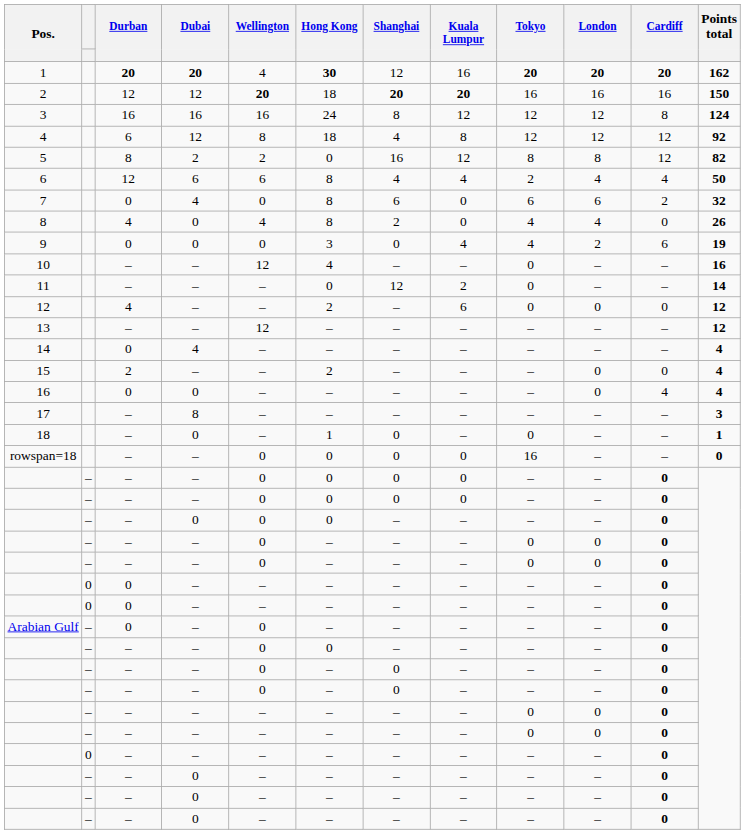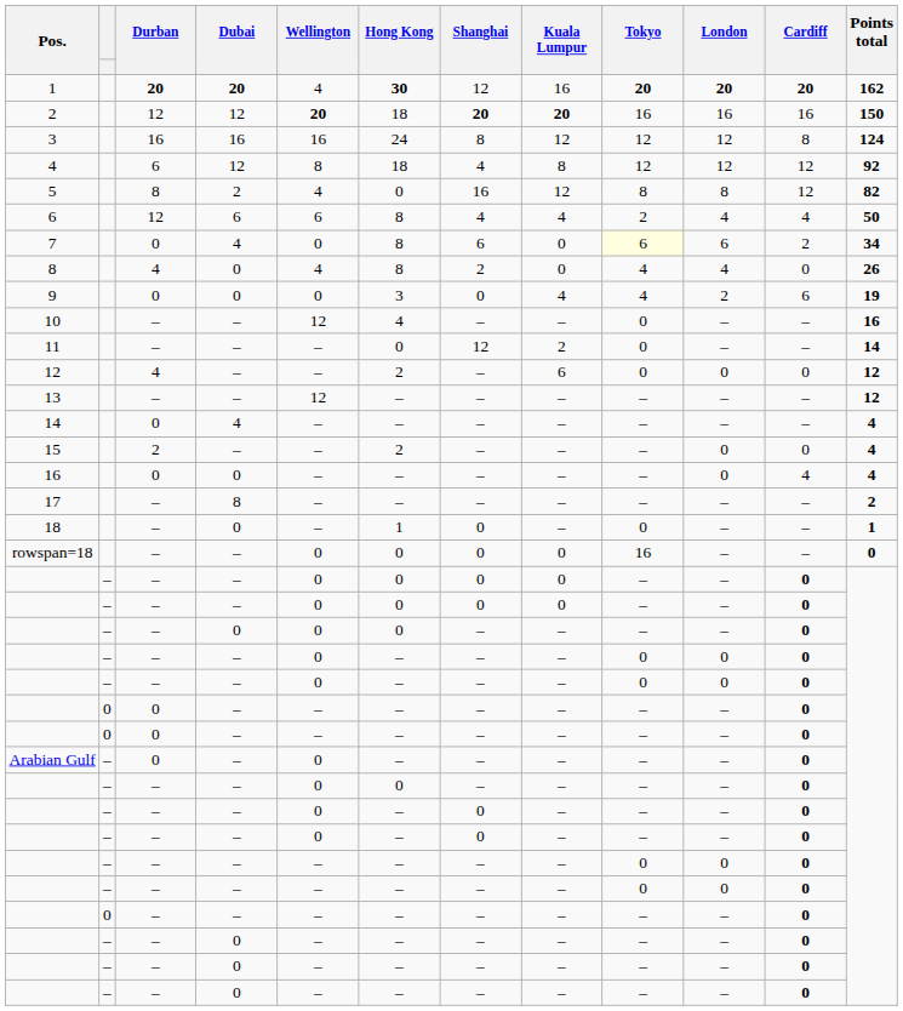 <table class="wikitable sortable" style="text-align:center;">
 <tr>
 <th style="border-bottom:1px solid transparent;"><br>Pos.</th>
 <th></th>
 <th style="vertical-align:top;width:5.5em;border-bottom:1px solid transparent;padding:2px;font-size:85%;"><br><a href='#'>Durban</a></th>
 <th style="vertical-align:top;width:5.5em;border-bottom:1px solid transparent;padding:2px;font-size:85%;"><br><a href='#'>Dubai</a></th>
 <th style="vertical-align:top;width:5.5em;border-bottom:1px solid transparent;padding:2px;font-size:85%;"><br><a href='#'>Wellington</a></th>
 <th style="vertical-align:top;width:5.5em;border-bottom:1px solid transparent;padding:2px;font-size:85%;"><br><a href='#'>Hong Kong</a></th>
 <th style="vertical-align:top;width:5.5em;border-bottom:1px solid transparent;padding:2px;font-size:85%;"><br><a href='#'>Shanghai</a></th>
 <th style="vertical-align:top;width:5.5em;border-bottom:1px solid transparent;padding:2px;font-size:85%;"><br><a href='#'>Kuala Lumpur</a></th>
 <th style="vertical-align:top;width:5.5em;border-bottom:1px solid transparent;padding:2px;font-size:85%;"><br><a href='#'>Tokyo</a></th>
 <th style="vertical-align:top;width:5.5em;border-bottom:1px solid transparent;padding:2px;font-size:85%;"><br><a href='#'>London</a></th>
 <th style="vertical-align:top;width:5.5em;border-bottom:1px solid transparent;padding:2px;font-size:85%;"><br><a href='#'>Cardiff</a></th>
 <th style="border-bottom:1px solid transparent;">Points<br>total</th>
 </tr>
 <tr style="line-height:8px;">
 <th style="border-top:1px solid transparent;"> </th>
 <th style="border-top:1px solid transparent;"></th>
 <th data-sort-type="number" style="border-top:1px solid transparent;"></th>
 <th data-sort-type="number" style="border-top:1px solid transparent;"></th>
 <th data-sort-type="number" style="border-top:1px solid transparent;"></th>
 <th data-sort-type="number" style="border-top:1px solid transparent;"></th>
 <th data-sort-type="number" style="border-top:1px solid transparent;"></th>
 <th data-sort-type="number" style="border-top:1px solid transparent;"></th>
 <th data-sort-type="number" style="border-top:1px solid transparent;"></th>
 <th data-sort-type="number" style="border-top:1px solid transparent;"></th>
 <th data-sort-type="number" style="border-top:1px solid transparent;"></th>
 <th data-sort-type="number" style="border-top:1px solid transparent;"> </th>
 </tr>
 <tr>
 <td>1</td>
 <td align=left></td>
 <td><strong>20</strong></td>
 <td><strong>20</strong></td>
 <td>4</td>
 <td><strong>30</strong></td>
 <td>12</td>
 <td>16</td>
 <td><strong>20</strong></td>
 <td><strong>20</strong></td>
 <td><strong>20</strong></td>
 <td><strong>162</strong></td>
 </tr>
 <tr>
 <td>2</td>
 <td align=left></td>
 <td>12</td>
 <td>12</td>
 <td><strong>20</strong></td>
 <td>18</td>
 <td><strong>20</strong></td>
 <td><strong>20</strong></td>
 <td>16</td>
 <td>16</td>
 <td>16</td>
 <td><strong>150</strong></td>
 </tr>
 <tr>
 <td>3</td>
 <td align=left></td>
 <td>16</td>
 <td>16</td>
 <td>16</td>
 <td>24</td>
 <td>8</td>
 <td>12</td>
 <td>12</td>
 <td>12</td>
 <td>8</td>
 <td><strong>124</strong></td>
 </tr>
 <tr>
 <td>4</td>
 <td align=left></td>
 <td>6</td>
 <td>12</td>
 <td>8</td>
 <td>18</td>
 <td>4</td>
 <td>8</td>
 <td>12</td>
 <td>12</td>
 <td>12</td>
 <td><strong>92</strong></td>
 </tr>
 <tr>
 <td>5</td>
 <td align=left></td>
 <td>8</td>
 <td>2</td>
-<td>2</td>
+<td>4</td>
 <td>0</td>
 <td>16</td>
 <td>12</td>
 <td>8</td>
 <td>8</td>
 <td>12</td>
 <td><strong>82</strong></td>
 </tr>
 <tr>
 <td>6</td>
 <td align=left></td>
 <td>12</td>
 <td>6</td>
 <td>6</td>
 <td>8</td>
 <td>4</td>
 <td>4</td>
 <td>2</td>
 <td>4</td>
 <td>4</td>
 <td><strong>50</strong></td>
 </tr>
 <tr>
 <td>7</td>
 <td align=left></td>
 <td>0</td>
 <td>4</td>
 <td>0</td>
 <td>8</td>
 <td>6</td>
 <td>0</td>
-<td>6</td>
+<td style="background: lightyellow;">6</td>
 <td>6</td>
 <td>2</td>
-<td><strong>32</strong></td>
+<td><strong>34</strong></td>
 </tr>
 <tr>
 <td>8</td>
 <td align=left></td>
 <td>4</td>
 <td>0</td>
 <td>4</td>
 <td>8</td>
 <td>2</td>
 <td>0</td>
 <td>4</td>
 <td>4</td>
 <td>0</td>
 <td><strong>26</strong></td>
 </tr>
 <tr>
 <td>9</td>
 <td align=left></td>
 <td>0</td>
 <td>0</td>
 <td>0</td>
 <td>3</td>
 <td>0</td>
 <td>4</td>
 <td>4</td>
 <td>2</td>
 <td>6</td>
 <td><strong>19</strong></td>
 </tr>
 <tr>
 <td>10</td>
 <td align=left></td>
 <td>–</td>
 <td>–</td>
 <td>12</td>
 <td>4</td>
 <td>–</td>
 <td>–</td>
 <td>0</td>
 <td>–</td>
 <td>–</td>
 <td><strong>16</strong></td>
 </tr>
 <tr>
 <td>11</td>
 <td align=left></td>
 <td>–</td>
 <td>–</td>
 <td>–</td>
 <td>0</td>
 <td>12</td>
 <td>2</td>
 <td>0</td>
 <td>–</td>
 <td>–</td>
 <td><strong>14</strong></td>
 </tr>
 <tr>
 <td>12</td>
 <td align=left></td>
 <td>4</td>
 <td>–</td>
 <td>–</td>
 <td>2</td>
 <td>–</td>
 <td>6</td>
 <td>0</td>
 <td>0</td>
 <td>0</td>
 <td><strong>12</strong></td>
 </tr>
 <tr>
 <td>13</td>
 <td align=left></td>
 <td>–</td>
 <td>–</td>
 <td>12</td>
 <td>–</td>
 <td>–</td>
 <td>–</td>
 <td>–</td>
 <td>–</td>
 <td>–</td>
 <td><strong>12</strong></td>
 </tr>
 <tr>
 <td>14</td>
 <td align=left></td>
 <td>0</td>
 <td>4</td>
 <td>–</td>
 <td>–</td>
 <td>–</td>
 <td>–</td>
 <td>–</td>
 <td>–</td>
 <td>–</td>
 <td><strong>4</strong></td>
 </tr>
 <tr>
 <td>15</td>
 <td align=left></td>
 <td>2</td>
 <td>–</td>
 <td>–</td>
 <td>2</td>
 <td>–</td>
 <td>–</td>
 <td>–</td>
 <td>0</td>
 <td>0</td>
 <td><strong>4</strong></td>
 </tr>
 <tr>
 <td>16</td>
 <td align=left></td>
 <td>0</td>
 <td>0</td>
 <td>–</td>
 <td>–</td>
 <td>–</td>
 <td>–</td>
 <td>–</td>
 <td>0</td>
 <td>4</td>
 <td><strong>4</strong></td>
 </tr>
 <tr>
 <td>17</td>
 <td align=left></td>
 <td>–</td>
 <td>8</td>
 <td>–</td>
 <td>–</td>
 <td>–</td>
 <td>–</td>
 <td>–</td>
 <td>–</td>
 <td>–</td>
-<td><strong>3</strong></td>
+<td><strong>2</strong></td>
 </tr>
 <tr>
 <td>18</td>
 <td align=left></td>
 <td>–</td>
 <td>0</td>
 <td>–</td>
 <td>1</td>
 <td>0</td>
 <td>–</td>
 <td>0</td>
 <td>–</td>
 <td>–</td>
 <td><strong>1</strong></td>
 </tr>
 <tr>
 <td>rowspan=18 </td>
 <td align=left></td>
 <td>–</td>
 <td>–</td>
 <td>0</td>
 <td>0</td>
 <td>0</td>
 <td>0</td>
 <td>16</td>
 <td>–</td>
 <td>–</td>
 <td><strong>0</strong></td>
 </tr>
 <tr>
 <td align=left></td>
 <td>–</td>
 <td>–</td>
 <td>–</td>
 <td>0</td>
 <td>0</td>
 <td>0</td>
 <td>0</td>
 <td>–</td>
 <td>–</td>
 <td><strong>0</strong></td>
 </tr>
 <tr>
 <td align=left></td>
 <td>–</td>
 <td>–</td>
 <td>–</td>
 <td>0</td>
 <td>0</td>
 <td>0</td>
 <td>0</td>
 <td>–</td>
 <td>–</td>
 <td><strong>0</strong></td>
 </tr>
 <tr>
 <td align=left></td>
 <td>–</td>
 <td>–</td>
 <td>0</td>
 <td>0</td>
 <td>0</td>
 <td>–</td>
 <td>–</td>
 <td>–</td>
 <td>–</td>
 <td><strong>0</strong></td>
 </tr>
 <tr>
 <td align=left></td>
 <td>–</td>
 <td>–</td>
 <td>–</td>
 <td>0</td>
 <td>–</td>
 <td>–</td>
 <td>–</td>
 <td>0</td>
 <td>0</td>
 <td><strong>0</strong></td>
 </tr>
 <tr>
 <td align=left></td>
 <td>–</td>
 <td>–</td>
 <td>–</td>
 <td>0</td>
 <td>–</td>
 <td>–</td>
 <td>–</td>
 <td>0</td>
 <td>0</td>
 <td><strong>0</strong></td>
 </tr>
 <tr>
 <td align=left></td>
 <td>0</td>
 <td>0</td>
 <td>–</td>
 <td>–</td>
 <td>–</td>
 <td>–</td>
 <td>–</td>
 <td>–</td>
 <td>–</td>
 <td><strong>0</strong></td>
 </tr>
 <tr>
 <td align=left></td>
 <td>0</td>
 <td>0</td>
 <td>–</td>
 <td>–</td>
 <td>–</td>
 <td>–</td>
 <td>–</td>
 <td>–</td>
 <td>–</td>
 <td><strong>0</strong></td>
 </tr>
 <tr>
 <td align=left> <a href='#'>Arabian Gulf</a></td>
 <td>–</td>
 <td>0</td>
 <td>–</td>
 <td>0</td>
 <td>–</td>
 <td>–</td>
 <td>–</td>
 <td>–</td>
 <td>–</td>
 <td><strong>0</strong></td>
 </tr>
 <tr>
 <td align=left></td>
 <td>–</td>
 <td>–</td>
 <td>–</td>
 <td>0</td>
 <td>0</td>
 <td>–</td>
 <td>–</td>
 <td>–</td>
 <td>–</td>
 <td><strong>0</strong></td>
 </tr>
 <tr>
 <td align=left></td>
 <td>–</td>
 <td>–</td>
 <td>–</td>
 <td>0</td>
 <td>–</td>
 <td>0</td>
 <td>–</td>
 <td>–</td>
 <td>–</td>
 <td><strong>0</strong></td>
 </tr>
 <tr>
 <td align=left></td>
 <td>–</td>
 <td>–</td>
 <td>–</td>
 <td>0</td>
 <td>–</td>
 <td>0</td>
 <td>–</td>
 <td>–</td>
 <td>–</td>
 <td><strong>0</strong></td>
 </tr>
 <tr>
 <td align=left></td>
 <td>–</td>
 <td>–</td>
 <td>–</td>
 <td>–</td>
 <td>–</td>
 <td>–</td>
 <td>–</td>
 <td>0</td>
 <td>0</td>
 <td><strong>0</strong></td>
 </tr>
 <tr>
 <td align=left></td>
 <td>–</td>
 <td>–</td>
 <td>–</td>
 <td>–</td>
 <td>–</td>
 <td>–</td>
 <td>–</td>
 <td>0</td>
 <td>0</td>
 <td><strong>0</strong></td>
 </tr>
 <tr>
 <td align=left></td>
 <td>0</td>
 <td>–</td>
 <td>–</td>
 <td>–</td>
 <td>–</td>
 <td>–</td>
 <td>–</td>
 <td>–</td>
 <td>–</td>
 <td><strong>0</strong></td>
 </tr>
 <tr>
 <td align=left></td>
 <td>–</td>
 <td>–</td>
 <td>0</td>
 <td>–</td>
 <td>–</td>
 <td>–</td>
 <td>–</td>
 <td>–</td>
 <td>–</td>
 <td><strong>0</strong></td>
 </tr>
 <tr>
 <td align=left></td>
 <td>–</td>
 <td>–</td>
 <td>0</td>
 <td>–</td>
 <td>–</td>
 <td>–</td>
 <td>–</td>
 <td>–</td>
 <td>–</td>
 <td><strong>0</strong></td>
 </tr>
 <tr>
 <td align=left></td>
 <td>–</td>
 <td>–</td>
 <td>0</td>
 <td>–</td>
 <td>–</td>
 <td>–</td>
 <td>–</td>
 <td>–</td>
 <td>–</td>
 <td><strong>0</strong></td>
 </tr>
 </table>
